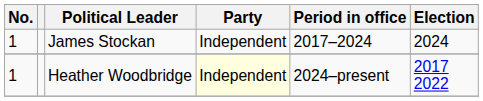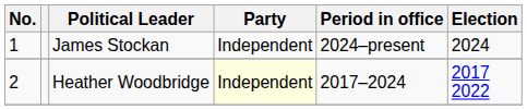 <table class="wikitable" style="font-size:95%;">
 <tr>
 <th>No.</th>
 <th></th>
 <th>Political Leader</th>
 <th>Party</th>
 <th>Period in office</th>
 <th>Election</th>
 </tr>
 <tr>
 <td>1</td>
 <td style="background-color:"></td>
 <td>James Stockan</td>
 <td>Independent</td>
-<td>2017–2024</td>
+<td>2024–present</td>
 <td>2024</td>
 </tr>
 <tr>
 </tr>
 <tr>
-<td>1</td>
+<td>2</td>
 <td style="background-color:"></td>
 <td>Heather Woodbridge</td>
 <td style="background: lightyellow;">Independent</td>
-<td>2024–present</td>
+<td>2017–2024</td>
 <td><a href='#'>2017</a> <br> <a href='#'>2022</a></td>
 </tr>
 <tr>
 </tr>
 </table>
